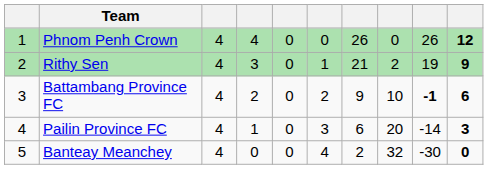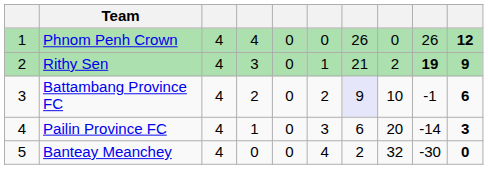 <table class="wikitable" style="text-align: center;">
 <tr>
 <th width=30></th>
 <th width=165>Team</th>
 <th width=30></th>
 <th width=30></th>
 <th width=30></th>
 <th width=30></th>
 <th width=30></th>
 <th width=30></th>
 <th width=30></th>
 <th width=30></th>
 </tr>
 <tr style="background:#ace1af;">
 <td>1</td>
 <td align=left><a href='#'>Phnom Penh Crown</a></td>
 <td>4</td>
 <td>4</td>
 <td>0</td>
 <td>0</td>
 <td>26</td>
 <td>0</td>
 <td>26</td>
 <td><strong>12</strong></td>
 </tr>
 <tr style="background:#ace1af;">
 <td>2</td>
 <td align=left><a href='#'>Rithy Sen</a></td>
 <td>4</td>
 <td>3</td>
 <td>0</td>
 <td>1</td>
 <td>21</td>
 <td>2</td>
-<td>19</td>
+<td><strong>19</strong></td>
 <td><strong>9</strong></td>
 </tr>
 <tr>
 <td>3</td>
 <td align=left><a href='#'>Battambang Province FC</a></td>
 <td>4</td>
 <td>2</td>
 <td>0</td>
 <td>2</td>
-<td>9</td>
+<td style="background: lavender;">9</td>
 <td>10</td>
-<td><strong>-1</strong></td>
+<td>-1</td>
 <td><strong>6</strong></td>
 </tr>
 <tr>
 <td>4</td>
 <td align=left><a href='#'>Pailin Province FC</a></td>
 <td>4</td>
 <td>1</td>
 <td>0</td>
 <td>3</td>
 <td>6</td>
 <td>20</td>
 <td>-14</td>
 <td><strong>3</strong></td>
 </tr>
 <tr>
 <td>5</td>
 <td align=left><a href='#'>Banteay Meanchey</a></td>
 <td>4</td>
 <td>0</td>
 <td>0</td>
 <td>4</td>
 <td>2</td>
 <td>32</td>
 <td>-30</td>
 <td><strong>0</strong></td>
 </tr>
 </table>
